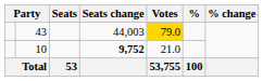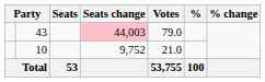 <table class="wikitable sortable">
 <tr>
 <th colspan=2>Party</th>
 <th>Seats</th>
 <th>Seats change</th>
 <th>Votes</th>
 <th>%</th>
 <th>% change</th>
 </tr>
 <tr>
 <td></td>
 <td align=right>43</td>
 <td align=right></td>
-<td align=right>44,003</td>
-<td align=right style="background: gold;">79.0</td>
+<td align=right style="background: pink;">44,003</td>
+<td align=right>79.0</td>
 <td align=right></td>
 </tr>
 <tr>
 <td></td>
 <td align=right>10</td>
 <td align=right></td>
-<td align=right><strong>9,752</strong></td>
+<td align=right>9,752</td>
 <td align=right>21.0</td>
 <td align=right></td>
 </tr>
 <tr class="sortbottom" style="font-weight: bold; text-align: right; background: #f2f2f2;">
 <th colspan="2" style="padding-left: 1.5em; text-align: left;">Total</th>
 <td align=right>53</td>
 <td align=right></td>
 <td align=right>53,755</td>
 <td align=right>100</td>
 <td align=right></td>
 </tr>
 </table>
